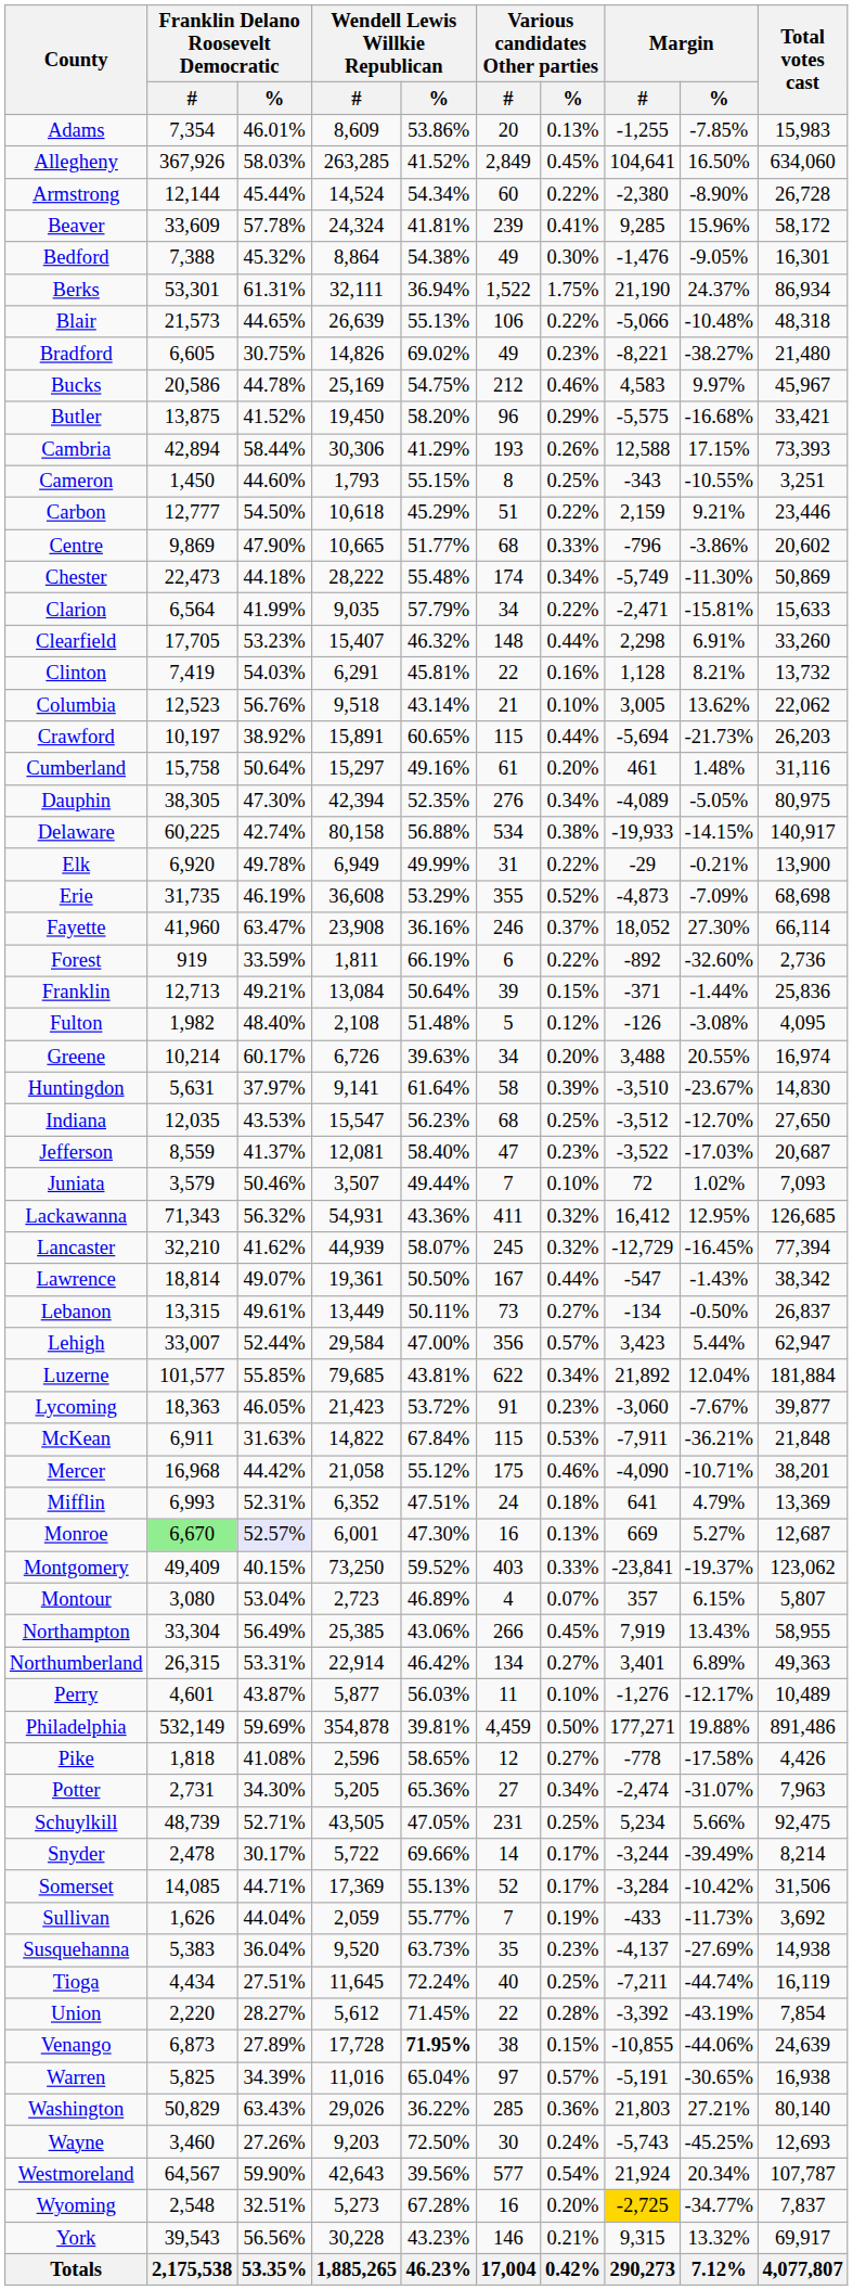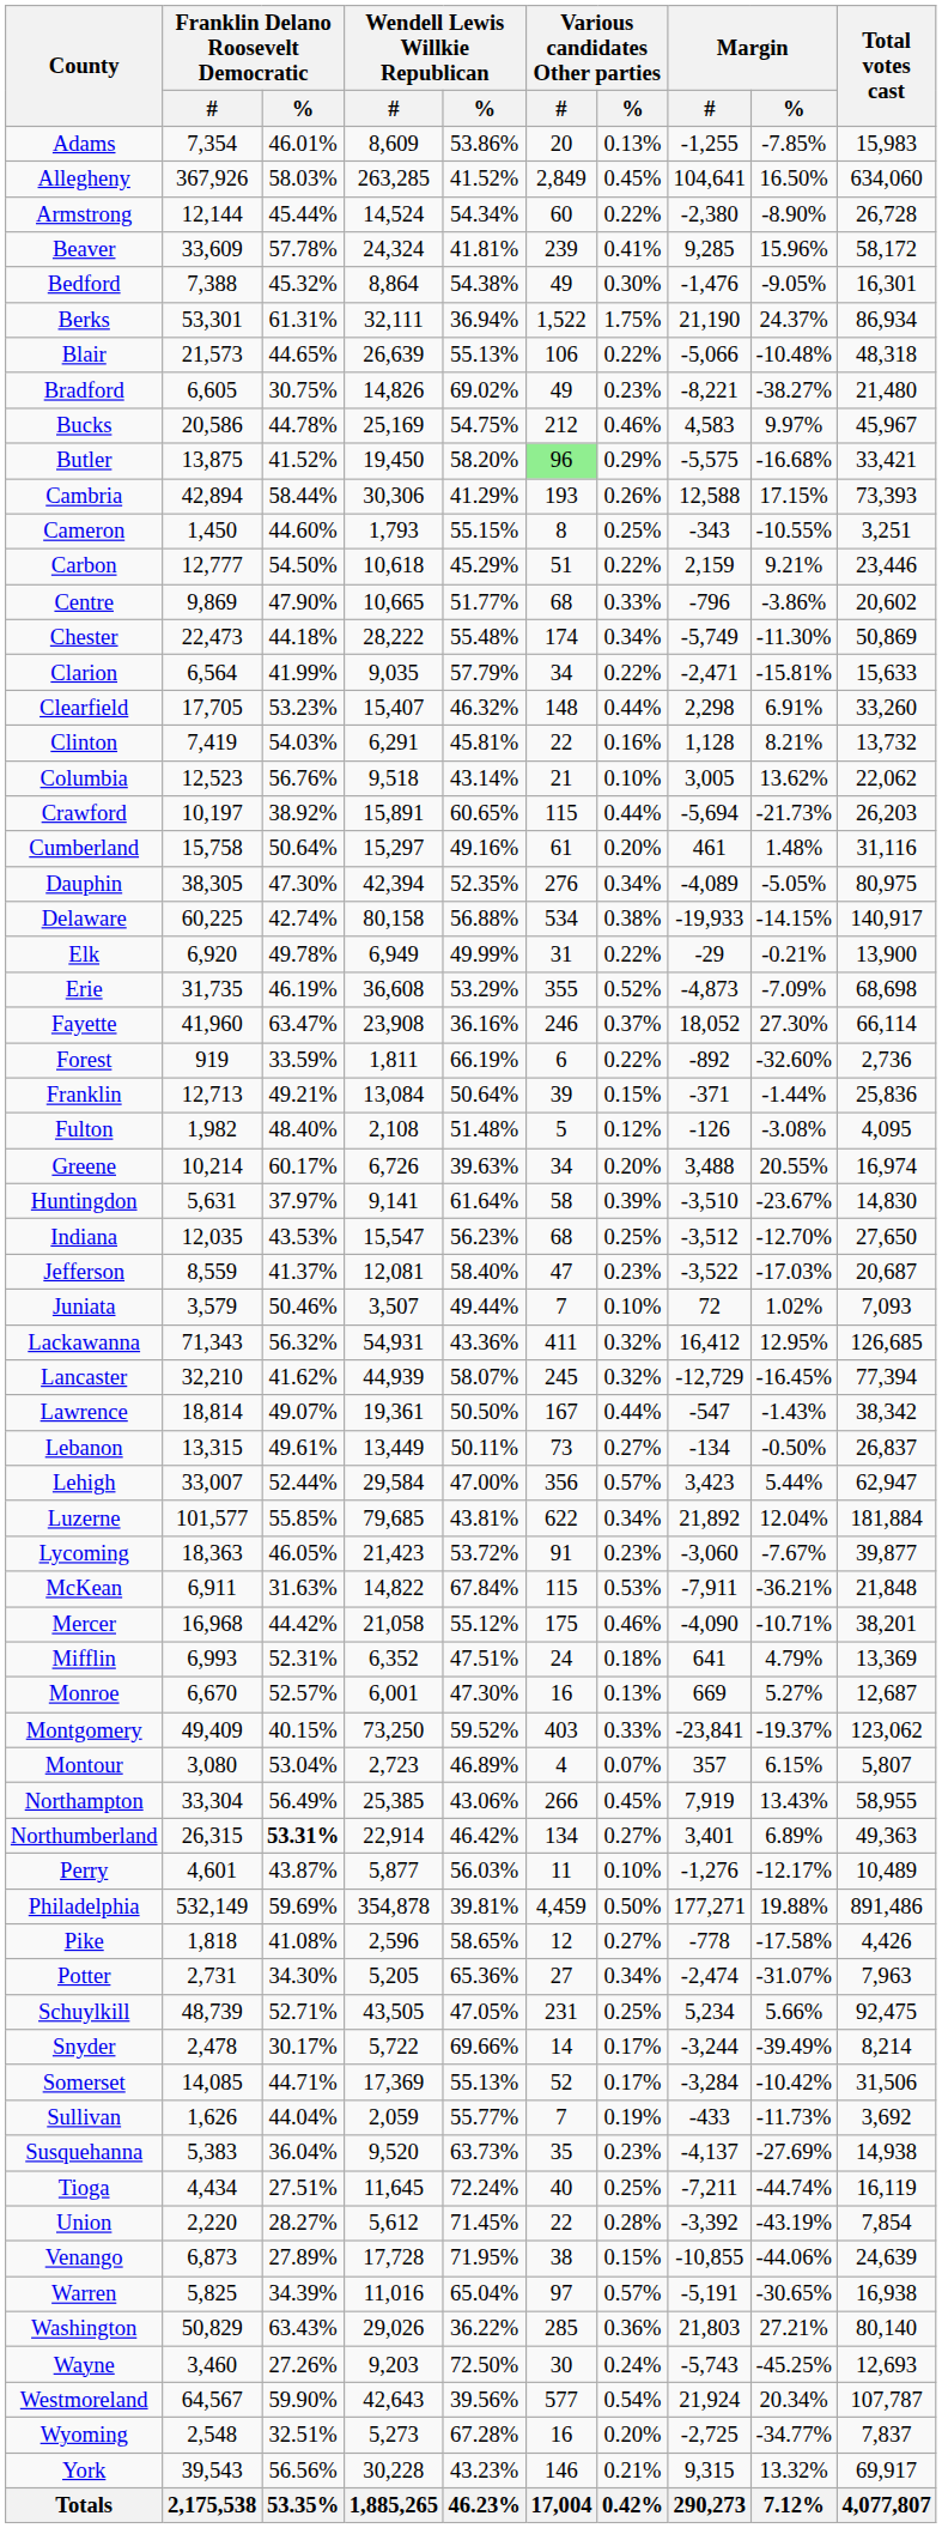 <table width="65%"  class="wikitable sortable" style="text-align:center">
 <tr>
 <th colspan="1" rowspan="2">County</th>
 <th style="text-align:center;" colspan="2">Franklin Delano Roosevelt<br>Democratic</th>
 <th style="text-align:center;" colspan="2">Wendell Lewis Willkie<br>Republican</th>
 <th style="text-align:center;" colspan="2">Various candidates<br>Other parties</th>
 <th style="text-align:center;" colspan="2">Margin</th>
 <th colspan="1" rowspan="2" style="text-align:center;">Total votes cast</th>
 </tr>
 <tr>
 <th style="text-align:center;" data-sort-type="number">#</th>
 <th style="text-align:center;" data-sort-type="number">%</th>
 <th style="text-align:center;" data-sort-type="number">#</th>
 <th style="text-align:center;" data-sort-type="number">%</th>
 <th style="text-align:center;" data-sort-type="number">#</th>
 <th style="text-align:center;" data-sort-type="number">%</th>
 <th style="text-align:center;" data-sort-type="number">#</th>
 <th style="text-align:center;" data-sort-type="number">%</th>
 </tr>
 <tr style="text-align:center;">
 <td><a href='#'>Adams</a></td>
 <td>7,354</td>
 <td>46.01%</td>
 <td>8,609</td>
 <td>53.86%</td>
 <td>20</td>
 <td>0.13%</td>
 <td>-1,255</td>
 <td>-7.85%</td>
 <td>15,983</td>
 </tr>
 <tr style="text-align:center;">
 <td><a href='#'>Allegheny</a></td>
 <td>367,926</td>
 <td>58.03%</td>
 <td>263,285</td>
 <td>41.52%</td>
 <td>2,849</td>
 <td>0.45%</td>
 <td>104,641</td>
 <td>16.50%</td>
 <td>634,060</td>
 </tr>
 <tr style="text-align:center;">
 <td><a href='#'>Armstrong</a></td>
 <td>12,144</td>
 <td>45.44%</td>
 <td>14,524</td>
 <td>54.34%</td>
 <td>60</td>
 <td>0.22%</td>
 <td>-2,380</td>
 <td>-8.90%</td>
 <td>26,728</td>
 </tr>
 <tr style="text-align:center;">
 <td><a href='#'>Beaver</a></td>
 <td>33,609</td>
 <td>57.78%</td>
 <td>24,324</td>
 <td>41.81%</td>
 <td>239</td>
 <td>0.41%</td>
 <td>9,285</td>
 <td>15.96%</td>
 <td>58,172</td>
 </tr>
 <tr style="text-align:center;">
 <td><a href='#'>Bedford</a></td>
 <td>7,388</td>
 <td>45.32%</td>
 <td>8,864</td>
 <td>54.38%</td>
 <td>49</td>
 <td>0.30%</td>
 <td>-1,476</td>
 <td>-9.05%</td>
 <td>16,301</td>
 </tr>
 <tr style="text-align:center;">
 <td><a href='#'>Berks</a></td>
 <td>53,301</td>
 <td>61.31%</td>
 <td>32,111</td>
 <td>36.94%</td>
 <td>1,522</td>
 <td>1.75%</td>
 <td>21,190</td>
 <td>24.37%</td>
 <td>86,934</td>
 </tr>
 <tr style="text-align:center;">
 <td><a href='#'>Blair</a></td>
 <td>21,573</td>
 <td>44.65%</td>
 <td>26,639</td>
 <td>55.13%</td>
 <td>106</td>
 <td>0.22%</td>
 <td>-5,066</td>
 <td>-10.48%</td>
 <td>48,318</td>
 </tr>
 <tr style="text-align:center;">
 <td><a href='#'>Bradford</a></td>
 <td>6,605</td>
 <td>30.75%</td>
 <td>14,826</td>
 <td>69.02%</td>
 <td>49</td>
 <td>0.23%</td>
 <td>-8,221</td>
 <td>-38.27%</td>
 <td>21,480</td>
 </tr>
 <tr style="text-align:center;">
 <td><a href='#'>Bucks</a></td>
 <td>20,586</td>
 <td>44.78%</td>
 <td>25,169</td>
 <td>54.75%</td>
 <td>212</td>
 <td>0.46%</td>
 <td>4,583</td>
 <td>9.97%</td>
 <td>45,967</td>
 </tr>
 <tr style="text-align:center;">
 <td><a href='#'>Butler</a></td>
 <td>13,875</td>
 <td>41.52%</td>
 <td>19,450</td>
 <td>58.20%</td>
-<td>96</td>
+<td style="background: lightgreen;">96</td>
 <td>0.29%</td>
 <td>-5,575</td>
 <td>-16.68%</td>
 <td>33,421</td>
 </tr>
 <tr style="text-align:center;">
 <td><a href='#'>Cambria</a></td>
 <td>42,894</td>
 <td>58.44%</td>
 <td>30,306</td>
 <td>41.29%</td>
 <td>193</td>
 <td>0.26%</td>
 <td>12,588</td>
 <td>17.15%</td>
 <td>73,393</td>
 </tr>
 <tr style="text-align:center;">
 <td><a href='#'>Cameron</a></td>
 <td>1,450</td>
 <td>44.60%</td>
 <td>1,793</td>
 <td>55.15%</td>
 <td>8</td>
 <td>0.25%</td>
 <td>-343</td>
 <td>-10.55%</td>
 <td>3,251</td>
 </tr>
 <tr style="text-align:center;">
 <td><a href='#'>Carbon</a></td>
 <td>12,777</td>
 <td>54.50%</td>
 <td>10,618</td>
 <td>45.29%</td>
 <td>51</td>
 <td>0.22%</td>
 <td>2,159</td>
 <td>9.21%</td>
 <td>23,446</td>
 </tr>
 <tr style="text-align:center;">
 <td><a href='#'>Centre</a></td>
 <td>9,869</td>
 <td>47.90%</td>
 <td>10,665</td>
 <td>51.77%</td>
 <td>68</td>
 <td>0.33%</td>
 <td>-796</td>
 <td>-3.86%</td>
 <td>20,602</td>
 </tr>
 <tr style="text-align:center;">
 <td><a href='#'>Chester</a></td>
 <td>22,473</td>
 <td>44.18%</td>
 <td>28,222</td>
 <td>55.48%</td>
 <td>174</td>
 <td>0.34%</td>
 <td>-5,749</td>
 <td>-11.30%</td>
 <td>50,869</td>
 </tr>
 <tr style="text-align:center;">
 <td><a href='#'>Clarion</a></td>
 <td>6,564</td>
 <td>41.99%</td>
 <td>9,035</td>
 <td>57.79%</td>
 <td>34</td>
 <td>0.22%</td>
 <td>-2,471</td>
 <td>-15.81%</td>
 <td>15,633</td>
 </tr>
 <tr style="text-align:center;">
 <td><a href='#'>Clearfield</a></td>
 <td>17,705</td>
 <td>53.23%</td>
 <td>15,407</td>
 <td>46.32%</td>
 <td>148</td>
 <td>0.44%</td>
 <td>2,298</td>
 <td>6.91%</td>
 <td>33,260</td>
 </tr>
 <tr style="text-align:center;">
 <td><a href='#'>Clinton</a></td>
 <td>7,419</td>
 <td>54.03%</td>
 <td>6,291</td>
 <td>45.81%</td>
 <td>22</td>
 <td>0.16%</td>
 <td>1,128</td>
 <td>8.21%</td>
 <td>13,732</td>
 </tr>
 <tr style="text-align:center;">
 <td><a href='#'>Columbia</a></td>
 <td>12,523</td>
 <td>56.76%</td>
 <td>9,518</td>
 <td>43.14%</td>
 <td>21</td>
 <td>0.10%</td>
 <td>3,005</td>
 <td>13.62%</td>
 <td>22,062</td>
 </tr>
 <tr style="text-align:center;">
 <td><a href='#'>Crawford</a></td>
 <td>10,197</td>
 <td>38.92%</td>
 <td>15,891</td>
 <td>60.65%</td>
 <td>115</td>
 <td>0.44%</td>
 <td>-5,694</td>
 <td>-21.73%</td>
 <td>26,203</td>
 </tr>
 <tr style="text-align:center;">
 <td><a href='#'>Cumberland</a></td>
 <td>15,758</td>
 <td>50.64%</td>
 <td>15,297</td>
 <td>49.16%</td>
 <td>61</td>
 <td>0.20%</td>
 <td>461</td>
 <td>1.48%</td>
 <td>31,116</td>
 </tr>
 <tr style="text-align:center;">
 <td><a href='#'>Dauphin</a></td>
 <td>38,305</td>
 <td>47.30%</td>
 <td>42,394</td>
 <td>52.35%</td>
 <td>276</td>
 <td>0.34%</td>
 <td>-4,089</td>
 <td>-5.05%</td>
 <td>80,975</td>
 </tr>
 <tr style="text-align:center;">
 <td><a href='#'>Delaware</a></td>
 <td>60,225</td>
 <td>42.74%</td>
 <td>80,158</td>
 <td>56.88%</td>
 <td>534</td>
 <td>0.38%</td>
 <td>-19,933</td>
 <td>-14.15%</td>
 <td>140,917</td>
 </tr>
 <tr style="text-align:center;">
 <td><a href='#'>Elk</a></td>
 <td>6,920</td>
 <td>49.78%</td>
 <td>6,949</td>
 <td>49.99%</td>
 <td>31</td>
 <td>0.22%</td>
 <td>-29</td>
 <td>-0.21%</td>
 <td>13,900</td>
 </tr>
 <tr style="text-align:center;">
 <td><a href='#'>Erie</a></td>
 <td>31,735</td>
 <td>46.19%</td>
 <td>36,608</td>
 <td>53.29%</td>
 <td>355</td>
 <td>0.52%</td>
 <td>-4,873</td>
 <td>-7.09%</td>
 <td>68,698</td>
 </tr>
 <tr style="text-align:center;">
 <td><a href='#'>Fayette</a></td>
 <td>41,960</td>
 <td>63.47%</td>
 <td>23,908</td>
 <td>36.16%</td>
 <td>246</td>
 <td>0.37%</td>
 <td>18,052</td>
 <td>27.30%</td>
 <td>66,114</td>
 </tr>
 <tr style="text-align:center;">
 <td><a href='#'>Forest</a></td>
 <td>919</td>
 <td>33.59%</td>
 <td>1,811</td>
 <td>66.19%</td>
 <td>6</td>
 <td>0.22%</td>
 <td>-892</td>
 <td>-32.60%</td>
 <td>2,736</td>
 </tr>
 <tr style="text-align:center;">
 <td><a href='#'>Franklin</a></td>
 <td>12,713</td>
 <td>49.21%</td>
 <td>13,084</td>
 <td>50.64%</td>
 <td>39</td>
 <td>0.15%</td>
 <td>-371</td>
 <td>-1.44%</td>
 <td>25,836</td>
 </tr>
 <tr style="text-align:center;">
 <td><a href='#'>Fulton</a></td>
 <td>1,982</td>
 <td>48.40%</td>
 <td>2,108</td>
 <td>51.48%</td>
 <td>5</td>
 <td>0.12%</td>
 <td>-126</td>
 <td>-3.08%</td>
 <td>4,095</td>
 </tr>
 <tr style="text-align:center;">
 <td><a href='#'>Greene</a></td>
 <td>10,214</td>
 <td>60.17%</td>
 <td>6,726</td>
 <td>39.63%</td>
 <td>34</td>
 <td>0.20%</td>
 <td>3,488</td>
 <td>20.55%</td>
 <td>16,974</td>
 </tr>
 <tr style="text-align:center;">
 <td><a href='#'>Huntingdon</a></td>
 <td>5,631</td>
 <td>37.97%</td>
 <td>9,141</td>
 <td>61.64%</td>
 <td>58</td>
 <td>0.39%</td>
 <td>-3,510</td>
 <td>-23.67%</td>
 <td>14,830</td>
 </tr>
 <tr style="text-align:center;">
 <td><a href='#'>Indiana</a></td>
 <td>12,035</td>
 <td>43.53%</td>
 <td>15,547</td>
 <td>56.23%</td>
 <td>68</td>
 <td>0.25%</td>
 <td>-3,512</td>
 <td>-12.70%</td>
 <td>27,650</td>
 </tr>
 <tr style="text-align:center;">
 <td><a href='#'>Jefferson</a></td>
 <td>8,559</td>
 <td>41.37%</td>
 <td>12,081</td>
 <td>58.40%</td>
 <td>47</td>
 <td>0.23%</td>
 <td>-3,522</td>
 <td>-17.03%</td>
 <td>20,687</td>
 </tr>
 <tr style="text-align:center;">
 <td><a href='#'>Juniata</a></td>
 <td>3,579</td>
 <td>50.46%</td>
 <td>3,507</td>
 <td>49.44%</td>
 <td>7</td>
 <td>0.10%</td>
 <td>72</td>
 <td>1.02%</td>
 <td>7,093</td>
 </tr>
 <tr style="text-align:center;">
 <td><a href='#'>Lackawanna</a></td>
 <td>71,343</td>
 <td>56.32%</td>
 <td>54,931</td>
 <td>43.36%</td>
 <td>411</td>
 <td>0.32%</td>
 <td>16,412</td>
 <td>12.95%</td>
 <td>126,685</td>
 </tr>
 <tr style="text-align:center;">
 <td><a href='#'>Lancaster</a></td>
 <td>32,210</td>
 <td>41.62%</td>
 <td>44,939</td>
 <td>58.07%</td>
 <td>245</td>
 <td>0.32%</td>
 <td>-12,729</td>
 <td>-16.45%</td>
 <td>77,394</td>
 </tr>
 <tr style="text-align:center;">
 <td><a href='#'>Lawrence</a></td>
 <td>18,814</td>
 <td>49.07%</td>
 <td>19,361</td>
 <td>50.50%</td>
 <td>167</td>
 <td>0.44%</td>
 <td>-547</td>
 <td>-1.43%</td>
 <td>38,342</td>
 </tr>
 <tr style="text-align:center;">
 <td><a href='#'>Lebanon</a></td>
 <td>13,315</td>
 <td>49.61%</td>
 <td>13,449</td>
 <td>50.11%</td>
 <td>73</td>
 <td>0.27%</td>
 <td>-134</td>
 <td>-0.50%</td>
 <td>26,837</td>
 </tr>
 <tr style="text-align:center;">
 <td><a href='#'>Lehigh</a></td>
 <td>33,007</td>
 <td>52.44%</td>
 <td>29,584</td>
 <td>47.00%</td>
 <td>356</td>
 <td>0.57%</td>
 <td>3,423</td>
 <td>5.44%</td>
 <td>62,947</td>
 </tr>
 <tr style="text-align:center;">
 <td><a href='#'>Luzerne</a></td>
 <td>101,577</td>
 <td>55.85%</td>
 <td>79,685</td>
 <td>43.81%</td>
 <td>622</td>
 <td>0.34%</td>
 <td>21,892</td>
 <td>12.04%</td>
 <td>181,884</td>
 </tr>
 <tr style="text-align:center;">
 <td><a href='#'>Lycoming</a></td>
 <td>18,363</td>
 <td>46.05%</td>
 <td>21,423</td>
 <td>53.72%</td>
 <td>91</td>
 <td>0.23%</td>
 <td>-3,060</td>
 <td>-7.67%</td>
 <td>39,877</td>
 </tr>
 <tr style="text-align:center;">
 <td><a href='#'>McKean</a></td>
 <td>6,911</td>
 <td>31.63%</td>
 <td>14,822</td>
 <td>67.84%</td>
 <td>115</td>
 <td>0.53%</td>
 <td>-7,911</td>
 <td>-36.21%</td>
 <td>21,848</td>
 </tr>
 <tr style="text-align:center;">
 <td><a href='#'>Mercer</a></td>
 <td>16,968</td>
 <td>44.42%</td>
 <td>21,058</td>
 <td>55.12%</td>
 <td>175</td>
 <td>0.46%</td>
 <td>-4,090</td>
 <td>-10.71%</td>
 <td>38,201</td>
 </tr>
 <tr style="text-align:center;">
 <td><a href='#'>Mifflin</a></td>
 <td>6,993</td>
 <td>52.31%</td>
 <td>6,352</td>
 <td>47.51%</td>
 <td>24</td>
 <td>0.18%</td>
 <td>641</td>
 <td>4.79%</td>
 <td>13,369</td>
 </tr>
 <tr style="text-align:center;">
 <td><a href='#'>Monroe</a></td>
-<td style="background: lightgreen;">6,670</td>
-<td style="background: lavender;">52.57%</td>
+<td>6,670</td>
+<td>52.57%</td>
 <td>6,001</td>
 <td>47.30%</td>
 <td>16</td>
 <td>0.13%</td>
 <td>669</td>
 <td>5.27%</td>
 <td>12,687</td>
 </tr>
 <tr style="text-align:center;">
 <td><a href='#'>Montgomery</a></td>
 <td>49,409</td>
 <td>40.15%</td>
 <td>73,250</td>
 <td>59.52%</td>
 <td>403</td>
 <td>0.33%</td>
 <td>-23,841</td>
 <td>-19.37%</td>
 <td>123,062</td>
 </tr>
 <tr style="text-align:center;">
 <td><a href='#'>Montour</a></td>
 <td>3,080</td>
 <td>53.04%</td>
 <td>2,723</td>
 <td>46.89%</td>
 <td>4</td>
 <td>0.07%</td>
 <td>357</td>
 <td>6.15%</td>
 <td>5,807</td>
 </tr>
 <tr style="text-align:center;">
 <td><a href='#'>Northampton</a></td>
 <td>33,304</td>
 <td>56.49%</td>
 <td>25,385</td>
 <td>43.06%</td>
 <td>266</td>
 <td>0.45%</td>
 <td>7,919</td>
 <td>13.43%</td>
 <td>58,955</td>
 </tr>
 <tr style="text-align:center;">
 <td><a href='#'>Northumberland</a></td>
 <td>26,315</td>
-<td>53.31%</td>
+<td><strong>53.31%</strong></td>
 <td>22,914</td>
 <td>46.42%</td>
 <td>134</td>
 <td>0.27%</td>
 <td>3,401</td>
 <td>6.89%</td>
 <td>49,363</td>
 </tr>
 <tr style="text-align:center;">
 <td><a href='#'>Perry</a></td>
 <td>4,601</td>
 <td>43.87%</td>
 <td>5,877</td>
 <td>56.03%</td>
 <td>11</td>
 <td>0.10%</td>
 <td>-1,276</td>
 <td>-12.17%</td>
 <td>10,489</td>
 </tr>
 <tr style="text-align:center;">
 <td><a href='#'>Philadelphia</a></td>
 <td>532,149</td>
 <td>59.69%</td>
 <td>354,878</td>
 <td>39.81%</td>
 <td>4,459</td>
 <td>0.50%</td>
 <td>177,271</td>
 <td>19.88%</td>
 <td>891,486</td>
 </tr>
 <tr style="text-align:center;">
 <td><a href='#'>Pike</a></td>
 <td>1,818</td>
 <td>41.08%</td>
 <td>2,596</td>
 <td>58.65%</td>
 <td>12</td>
 <td>0.27%</td>
 <td>-778</td>
 <td>-17.58%</td>
 <td>4,426</td>
 </tr>
 <tr style="text-align:center;">
 <td><a href='#'>Potter</a></td>
 <td>2,731</td>
 <td>34.30%</td>
 <td>5,205</td>
 <td>65.36%</td>
 <td>27</td>
 <td>0.34%</td>
 <td>-2,474</td>
 <td>-31.07%</td>
 <td>7,963</td>
 </tr>
 <tr style="text-align:center;">
 <td><a href='#'>Schuylkill</a></td>
 <td>48,739</td>
 <td>52.71%</td>
 <td>43,505</td>
 <td>47.05%</td>
 <td>231</td>
 <td>0.25%</td>
 <td>5,234</td>
 <td>5.66%</td>
 <td>92,475</td>
 </tr>
 <tr style="text-align:center;">
 <td><a href='#'>Snyder</a></td>
 <td>2,478</td>
 <td>30.17%</td>
 <td>5,722</td>
 <td>69.66%</td>
 <td>14</td>
 <td>0.17%</td>
 <td>-3,244</td>
 <td>-39.49%</td>
 <td>8,214</td>
 </tr>
 <tr style="text-align:center;">
 <td><a href='#'>Somerset</a></td>
 <td>14,085</td>
 <td>44.71%</td>
 <td>17,369</td>
 <td>55.13%</td>
 <td>52</td>
 <td>0.17%</td>
 <td>-3,284</td>
 <td>-10.42%</td>
 <td>31,506</td>
 </tr>
 <tr style="text-align:center;">
 <td><a href='#'>Sullivan</a></td>
 <td>1,626</td>
 <td>44.04%</td>
 <td>2,059</td>
 <td>55.77%</td>
 <td>7</td>
 <td>0.19%</td>
 <td>-433</td>
 <td>-11.73%</td>
 <td>3,692</td>
 </tr>
 <tr style="text-align:center;">
 <td><a href='#'>Susquehanna</a></td>
 <td>5,383</td>
 <td>36.04%</td>
 <td>9,520</td>
 <td>63.73%</td>
 <td>35</td>
 <td>0.23%</td>
 <td>-4,137</td>
 <td>-27.69%</td>
 <td>14,938</td>
 </tr>
 <tr style="text-align:center;">
 <td><a href='#'>Tioga</a></td>
 <td>4,434</td>
 <td>27.51%</td>
 <td>11,645</td>
 <td>72.24%</td>
 <td>40</td>
 <td>0.25%</td>
 <td>-7,211</td>
 <td>-44.74%</td>
 <td>16,119</td>
 </tr>
 <tr style="text-align:center;">
 <td><a href='#'>Union</a></td>
 <td>2,220</td>
 <td>28.27%</td>
 <td>5,612</td>
 <td>71.45%</td>
 <td>22</td>
 <td>0.28%</td>
 <td>-3,392</td>
 <td>-43.19%</td>
 <td>7,854</td>
 </tr>
 <tr style="text-align:center;">
 <td><a href='#'>Venango</a></td>
 <td>6,873</td>
 <td>27.89%</td>
 <td>17,728</td>
-<td><strong>71.95%</strong></td>
+<td>71.95%</td>
 <td>38</td>
 <td>0.15%</td>
 <td>-10,855</td>
 <td>-44.06%</td>
 <td>24,639</td>
 </tr>
 <tr style="text-align:center;">
 <td><a href='#'>Warren</a></td>
 <td>5,825</td>
 <td>34.39%</td>
 <td>11,016</td>
 <td>65.04%</td>
 <td>97</td>
 <td>0.57%</td>
 <td>-5,191</td>
 <td>-30.65%</td>
 <td>16,938</td>
 </tr>
 <tr style="text-align:center;">
 <td><a href='#'>Washington</a></td>
 <td>50,829</td>
 <td>63.43%</td>
 <td>29,026</td>
 <td>36.22%</td>
 <td>285</td>
 <td>0.36%</td>
 <td>21,803</td>
 <td>27.21%</td>
 <td>80,140</td>
 </tr>
 <tr style="text-align:center;">
 <td><a href='#'>Wayne</a></td>
 <td>3,460</td>
 <td>27.26%</td>
 <td>9,203</td>
 <td>72.50%</td>
 <td>30</td>
 <td>0.24%</td>
 <td>-5,743</td>
 <td>-45.25%</td>
 <td>12,693</td>
 </tr>
 <tr style="text-align:center;">
 <td><a href='#'>Westmoreland</a></td>
 <td>64,567</td>
 <td>59.90%</td>
 <td>42,643</td>
 <td>39.56%</td>
 <td>577</td>
 <td>0.54%</td>
 <td>21,924</td>
 <td>20.34%</td>
 <td>107,787</td>
 </tr>
 <tr style="text-align:center;">
 <td><a href='#'>Wyoming</a></td>
 <td>2,548</td>
 <td>32.51%</td>
 <td>5,273</td>
 <td>67.28%</td>
 <td>16</td>
 <td>0.20%</td>
-<td style="background: gold;">-2,725</td>
+<td>-2,725</td>
 <td>-34.77%</td>
 <td>7,837</td>
 </tr>
 <tr style="text-align:center;">
 <td><a href='#'>York</a></td>
 <td>39,543</td>
 <td>56.56%</td>
 <td>30,228</td>
 <td>43.23%</td>
 <td>146</td>
 <td>0.21%</td>
 <td>9,315</td>
 <td>13.32%</td>
 <td>69,917</td>
 </tr>
 <tr style="text-align:center;">
 <th>Totals</th>
 <th>2,175,538</th>
 <th>53.35%</th>
 <th>1,885,265</th>
 <th>46.23%</th>
 <th>17,004</th>
 <th>0.42%</th>
 <th>290,273</th>
 <th>7.12%</th>
 <th>4,077,807</th>
 </tr>
 </table>
